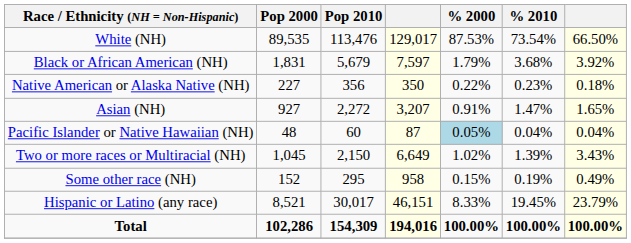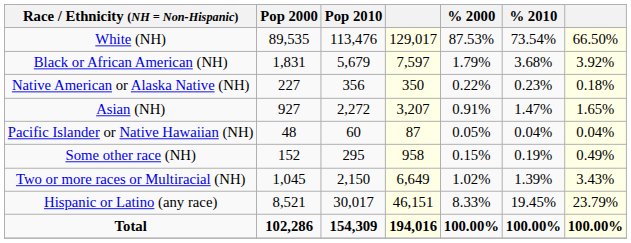 <table class="wikitable" style="text-align:center;">
 <tr>
 <th>Race / Ethnicity <small>(<em>NH = Non-Hispanic</em>)</small></th>
 <th>Pop 2000</th>
 <th>Pop 2010</th>
 <th></th>
 <th>% 2000</th>
 <th>% 2010</th>
 <th></th>
 </tr>
 <tr>
 <td><a href='#'>White</a> (NH)</td>
 <td>89,535</td>
 <td>113,476</td>
 <td style='background: #ffffe6;'>129,017</td>
 <td>87.53%</td>
 <td>73.54%</td>
 <td style='background: #ffffe6;'>66.50%</td>
 </tr>
 <tr>
 <td><a href='#'>Black or African American</a> (NH)</td>
 <td>1,831</td>
 <td>5,679</td>
 <td style='background: #ffffe6;'>7,597</td>
 <td>1.79%</td>
 <td>3.68%</td>
 <td style='background: #ffffe6;'>3.92%</td>
 </tr>
 <tr>
 <td><a href='#'>Native American</a> or <a href='#'>Alaska Native</a> (NH)</td>
 <td>227</td>
 <td>356</td>
 <td style='background: #ffffe6;'>350</td>
 <td>0.22%</td>
 <td>0.23%</td>
 <td style='background: #ffffe6;'>0.18%</td>
 </tr>
 <tr>
 <td><a href='#'>Asian</a> (NH)</td>
 <td>927</td>
 <td>2,272</td>
 <td style='background: #ffffe6;'>3,207</td>
 <td>0.91%</td>
 <td>1.47%</td>
 <td style='background: #ffffe6;'>1.65%</td>
 </tr>
 <tr>
 <td><a href='#'>Pacific Islander</a> or <a href='#'>Native Hawaiian</a> (NH)</td>
 <td>48</td>
 <td>60</td>
 <td style='background: #ffffe6;'>87</td>
-<td style="background: lightblue;">0.05%</td>
+<td>0.05%</td>
 <td>0.04%</td>
 <td style='background: #ffffe6;'>0.04%</td>
+</tr>
+<tr>
+<td><a href='#'>Some other race</a> (NH)</td>
+<td>152</td>
+<td>295</td>
+<td style='background: #ffffe6;'>958</td>
+<td>0.15%</td>
+<td>0.19%</td>
+<td style='background: #ffffe6;'>0.49%</td>
 </tr>
 <tr>
 <td><a href='#'>Two or more races or Multiracial</a> (NH)</td>
 <td>1,045</td>
 <td>2,150</td>
 <td style='background: #ffffe6;'>6,649</td>
 <td>1.02%</td>
 <td>1.39%</td>
 <td style='background: #ffffe6;'>3.43%</td>
-</tr>
-<tr>
-<td><a href='#'>Some other race</a> (NH)</td>
-<td>152</td>
-<td>295</td>
-<td style='background: #ffffe6;'>958</td>
-<td>0.15%</td>
-<td>0.19%</td>
-<td style='background: #ffffe6;'>0.49%</td>
 </tr>
 <tr>
 <td><a href='#'>Hispanic or Latino</a> (any race)</td>
 <td>8,521</td>
 <td>30,017</td>
 <td style='background: #ffffe6;'>46,151</td>
 <td>8.33%</td>
 <td>19.45%</td>
 <td style='background: #ffffe6;'>23.79%</td>
 </tr>
 <tr>
 <td><strong>Total</strong></td>
 <td><strong>102,286</strong></td>
 <td><strong>154,309</strong></td>
 <td style='background: #ffffe6;'><strong>194,016</strong></td>
 <td><strong>100.00%</strong></td>
 <td><strong>100.00%</strong></td>
 <td style='background: #ffffe6;'><strong>100.00%</strong></td>
 </tr>
 <tr>
 </tr>
 </table>
